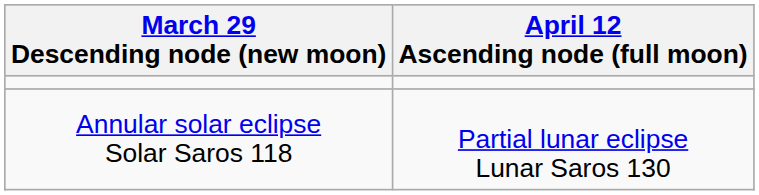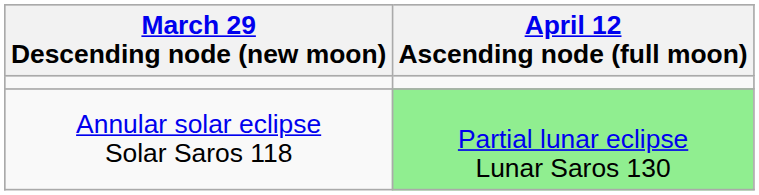 <table class="wikitable">
 <tr>
 <th><a href='#'>March 29</a><br>Descending node (new moon)</th>
 <th><a href='#'>April 12</a><br>Ascending node (full moon)</th>
 </tr>
 <tr>
 <td></td>
 <td></td>
 </tr>
 <tr align=center>
 <td><a href='#'>Annular solar eclipse</a><br>Solar Saros 118</td>
-<td><br><a href='#'>Partial lunar eclipse</a><br>Lunar Saros 130</td>
+<td style="background: lightgreen;"><br><a href='#'>Partial lunar eclipse</a><br>Lunar Saros 130</td>
 </tr>
 </table>
